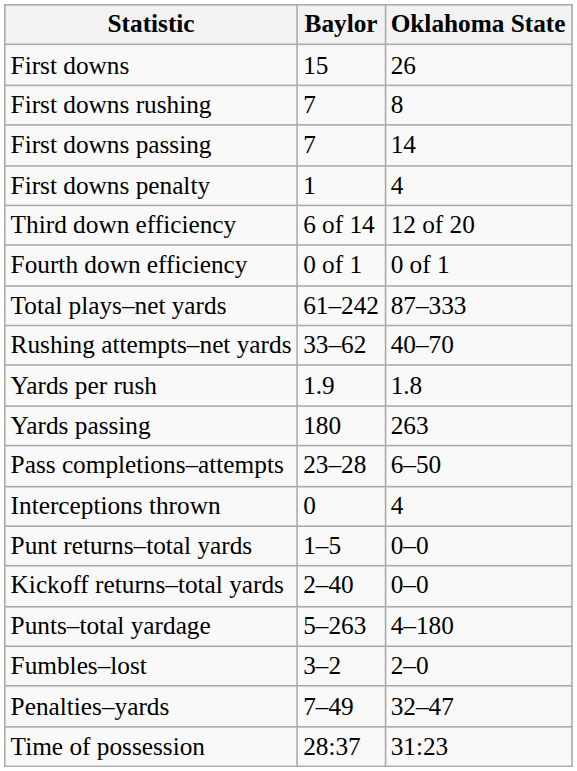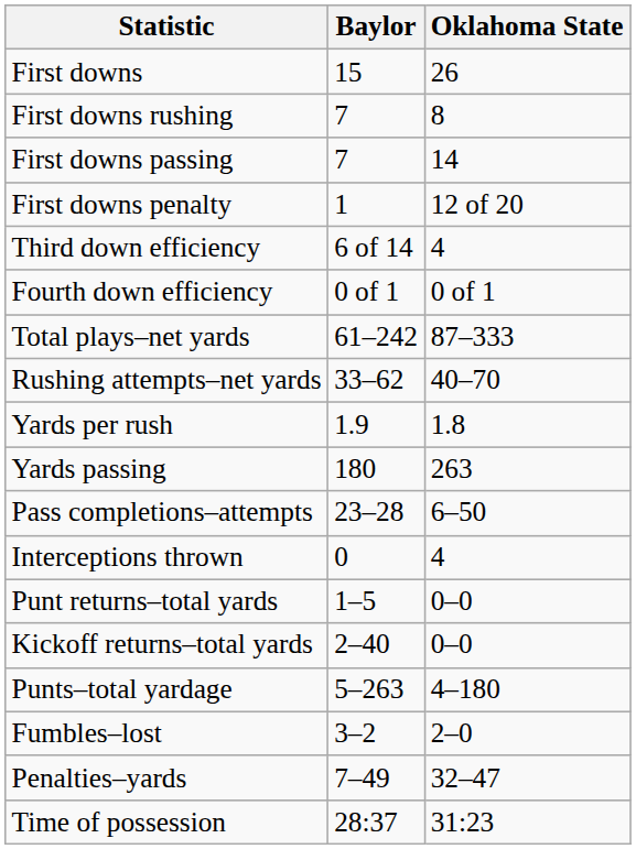 <table class="wikitable">
 <tr>
 <th>Statistic</th>
 <th><strong>Baylor</strong></th>
 <th><strong>Oklahoma State</strong></th>
 </tr>
 <tr>
 <td>First downs</td>
 <td>15</td>
 <td>26</td>
 </tr>
 <tr>
 <td>First downs rushing</td>
 <td>7</td>
 <td>8</td>
 </tr>
 <tr>
 <td>First downs passing</td>
 <td>7</td>
 <td>14</td>
 </tr>
 <tr>
 <td>First downs penalty</td>
 <td>1</td>
-<td>4</td>
+<td>12 of 20</td>
 </tr>
 <tr>
 <td>Third down efficiency</td>
 <td>6 of 14</td>
-<td>12 of 20</td>
+<td>4</td>
 </tr>
 <tr>
 <td>Fourth down efficiency</td>
 <td>0 of 1</td>
 <td>0 of 1</td>
 </tr>
 <tr>
 <td>Total plays–net yards</td>
 <td>61–242</td>
 <td>87–333</td>
 </tr>
 <tr>
 <td>Rushing attempts–net yards</td>
 <td>33–62</td>
 <td>40–70</td>
 </tr>
 <tr>
 <td>Yards per rush</td>
 <td>1.9</td>
 <td>1.8</td>
 </tr>
 <tr>
 <td>Yards passing</td>
 <td>180</td>
 <td>263</td>
 </tr>
 <tr>
 <td>Pass completions–attempts</td>
 <td>23–28</td>
 <td>6–50</td>
 </tr>
 <tr>
 <td>Interceptions thrown</td>
 <td>0</td>
 <td>4</td>
 </tr>
 <tr>
 <td>Punt returns–total yards</td>
 <td>1–5</td>
 <td>0–0</td>
 </tr>
 <tr>
 <td>Kickoff returns–total yards</td>
 <td>2–40</td>
 <td>0–0</td>
 </tr>
 <tr>
 <td>Punts–total yardage</td>
 <td>5–263</td>
 <td>4–180</td>
 </tr>
 <tr>
 <td>Fumbles–lost</td>
 <td>3–2</td>
 <td>2–0</td>
 </tr>
 <tr>
 <td>Penalties–yards</td>
 <td>7–49</td>
 <td>32–47</td>
 </tr>
 <tr>
 <td>Time of possession</td>
 <td>28:37</td>
 <td>31:23</td>
 </tr>
 </table>
